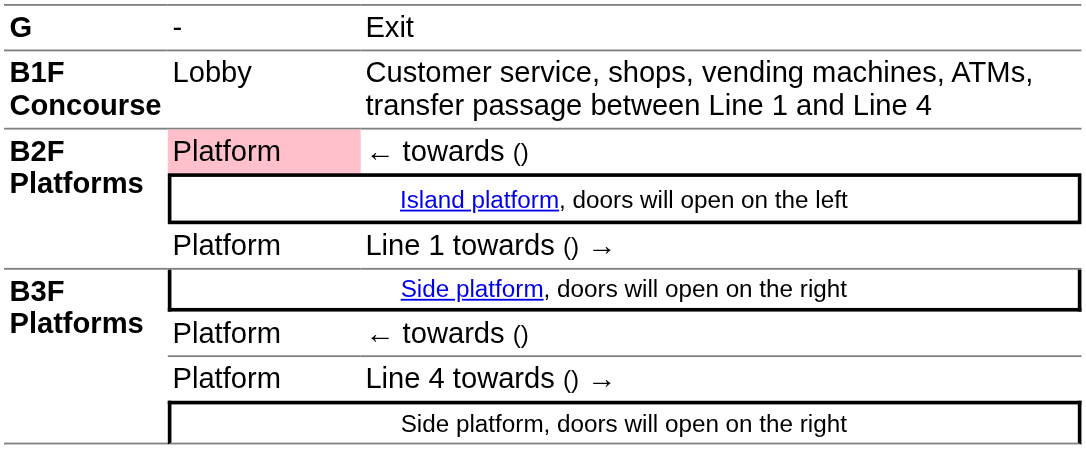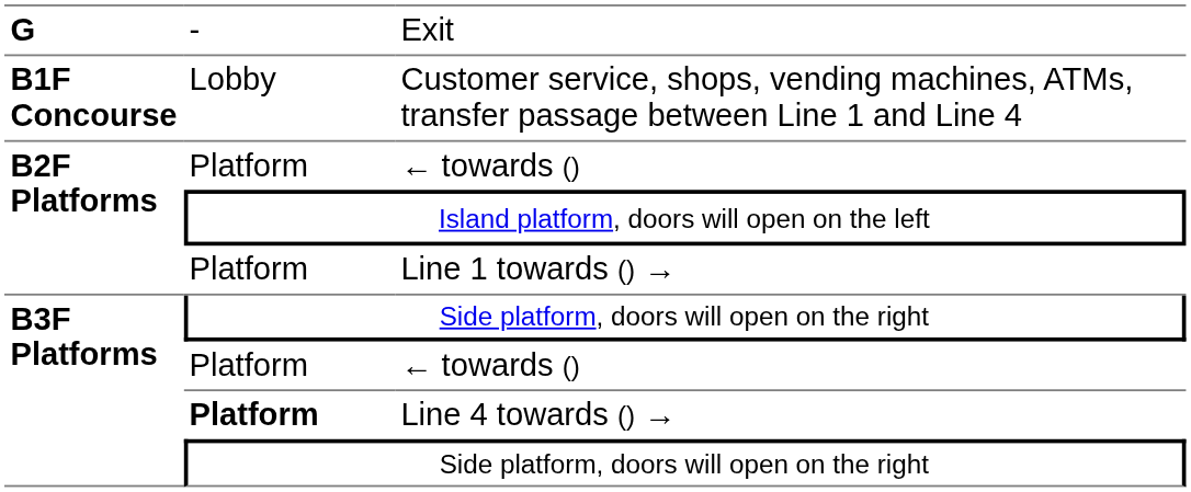 <table table border=0 cellspacing=0 cellpadding=3>
 <tr>
 <td style="border-top:solid 1px gray;" width=50 valign=top><strong>G</strong></td>
 <td style="border-top:solid 1px gray;" width=100 valign=top>-</td>
 <td style="border-top:solid 1px gray;" width=390 valign=top>Exit</td>
 </tr>
 <tr>
 <td style="border-bottom:solid 1px gray; border-top:solid 1px gray;" valign=top width=50><strong>B1F<br>Concourse</strong></td>
 <td style="border-bottom:solid 1px gray; border-top:solid 1px gray;" valign=top width=100>Lobby</td>
 <td style="border-bottom:solid 1px gray; border-top:solid 1px gray;" valign=top width=390>Customer service, shops, vending machines, ATMs, transfer passage between Line 1 and Line 4</td>
 </tr>
 <tr>
 <td style="border-bottom:solid 1px gray;" rowspan=3 valign=top><strong>B2F<br>Platforms</strong></td>
-<td style="background: pink;">Platform </td>
+<td>Platform </td>
 <td>←  towards  <small>()</small></td>
 </tr>
 <tr>
 <td style="border-right:solid 2px black;border-left:solid 2px black;border-top:solid 2px black;border-bottom:solid 2px black;text-align:center;" colspan=2><small><a href='#'>Island platform</a>, doors will open on the left</small></td>
 </tr>
 <tr>
 <td style="border-bottom:solid 1px gray;">Platform </td>
 <td style="border-bottom:solid 1px gray;">  Line 1 towards  <small>()</small> →</td>
 </tr>
 <tr>
 <td style="border-bottom:solid 1px gray;" rowspan=4 valign=top><strong>B3F<br>Platforms</strong></td>
 <td style="border-right:solid 2px black;border-left:solid 2px black;border-bottom:solid 2px black;font-size:smaller;text-align:center;" colspan=2><a href='#'>Side platform</a>, doors will open on the right</td>
 </tr>
 <tr>
 <td style="border-bottom:solid 1px gray;" width=100>Platform </td>
 <td style="border-bottom:solid 1px gray;" width=303>←  towards  <small>()</small></td>
 </tr>
 <tr>
-<td>Platform </td>
+<td><strong>Platform </strong></td>
 <td>  Line 4 towards  <small>()</small> →</td>
 </tr>
 <tr>
 <td style="border-top:solid 2px black;border-right:solid 2px black;border-left:solid 2px black;border-bottom:solid 1px gray;font-size:smaller;text-align:center;" colspan=2>Side platform, doors will open on the right</td>
 </tr>
 </table>
